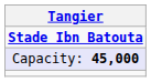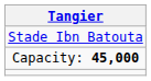 <table class="wikitable" style="text-align:center">
 <tr>
 <th colspan="3"><a href='#'>Tangier</a></th>
 </tr>
 <tr>
-<td><strong><a href='#'>Stade Ibn Batouta</a></strong></td>
+<td><a href='#'>Stade Ibn Batouta</a></td>
 </tr>
 <tr>
-<td style="background: lavender;">Capacity: <strong>45,000</strong></td>
+<td>Capacity: <strong>45,000</strong></td>
 </tr>
 <tr>
 <td></td>
 </tr>
 </table>
